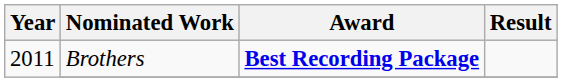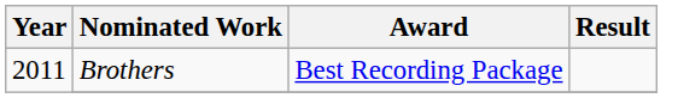 <table class="wikitable">
 <tr>
 <th>Year</th>
 <th>Nominated Work</th>
 <th>Award</th>
 <th>Result</th>
 </tr>
 <tr>
 <td rowspan="2">2011</td>
 <td><em>Brothers</em></td>
-<td><strong><a href='#'>Best Recording Package</a></strong></td>
+<td><a href='#'>Best Recording Package</a></td>
 <td></td>
 </tr>
 <tr>
 </tr>
 </table>
